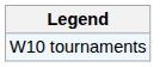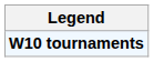 <table class="wikitable" style="font-size:90%">
 <tr>
 <th>Legend</th>
 </tr>
 <tr style="background:#f0f8ff;">
-<td>W10 tournaments</td>
+<td><strong>W10 tournaments</strong></td>
 </tr>
 </table>
